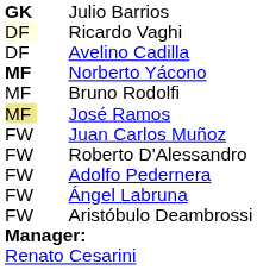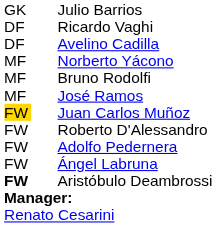 <table style="font-size:90%; margin:0.2em auto;" cellspacing="0" cellpadding="0">
 <tr>
 <th width="25"></th>
 <th width="25"></th>
 </tr>
 <tr>
-<td><strong>GK</strong></td>
+<td>GK</td>
 <td></td>
 <td> Julio Barrios</td>
 </tr>
 <tr>
-<td style="background: lightyellow;">DF</td>
+<td>DF</td>
 <td></td>
 <td> Ricardo Vaghi</td>
 </tr>
 <tr>
 <td>DF</td>
 <td></td>
 <td> <a href='#'>Avelino Cadilla</a></td>
 </tr>
 <tr>
-<td><strong>MF</strong></td>
+<td>MF</td>
 <td></td>
 <td> <a href='#'>Norberto Yácono</a></td>
 </tr>
 <tr>
 <td>MF</td>
 <td></td>
 <td> Bruno Rodolfi</td>
 </tr>
 <tr>
-<td style="background: khaki;">MF</td>
+<td>MF</td>
 <td></td>
 <td> <a href='#'>José Ramos</a></td>
 </tr>
 <tr>
-<td>FW</td>
+<td style="background: gold;">FW</td>
 <td></td>
 <td> <a href='#'>Juan Carlos Muñoz</a></td>
 </tr>
 <tr>
 <td>FW</td>
 <td></td>
 <td> Roberto D'Alessandro</td>
 </tr>
 <tr>
 <td>FW</td>
 <td></td>
 <td> <a href='#'>Adolfo Pedernera</a></td>
 </tr>
 <tr>
 <td>FW</td>
 <td></td>
 <td> <a href='#'>Ángel Labruna</a></td>
 </tr>
 <tr>
-<td>FW</td>
+<td><strong>FW</strong></td>
 <td></td>
 <td> Aristóbulo Deambrossi</td>
 </tr>
 <tr>
 <td colspan=3><strong>Manager:</strong></td>
 </tr>
 <tr>
 <td colspan=4> <a href='#'>Renato Cesarini</a></td>
 </tr>
 </table>
